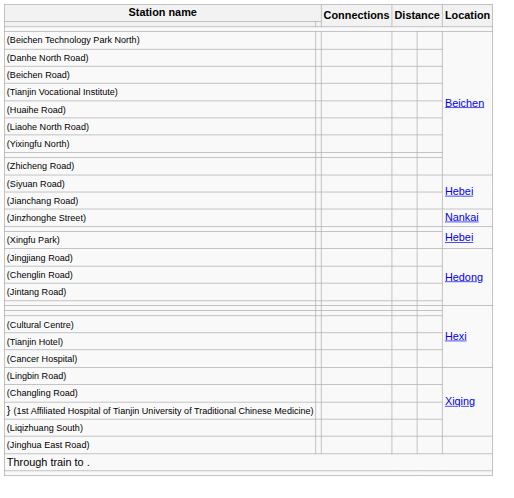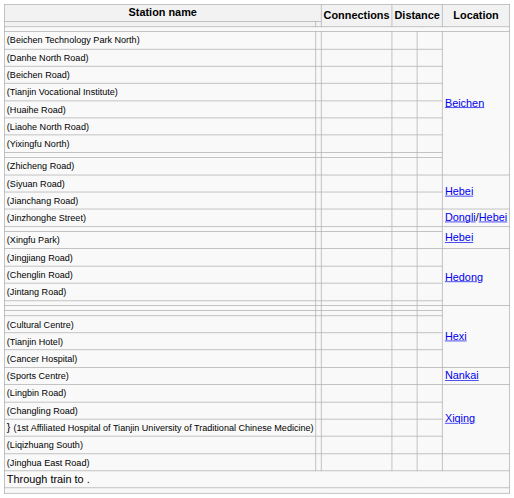 <table class="wikitable">
 <tr>
 <th colspan="2">Station name</th>
 <th rowspan="2">Connections</th>
 <th colspan="2" rowspan="2">Distance<br></th>
 <th rowspan="2">Location</th>
 </tr>
 <tr>
 <th></th>
 <th></th>
 </tr>
 <tr style="background:#">
 <td colspan = "6"></td>
 </tr>
 <tr>
 <td> <small>(Beichen Technology Park North)</small></td>
 <td></td>
 <td></td>
 <td></td>
 <td></td>
 <td rowspan="9"><a href='#'>Beichen</a></td>
 </tr>
 <tr>
 <td> <small>(Danhe North Road)</small></td>
 <td></td>
 <td></td>
 <td></td>
 <td></td>
 </tr>
 <tr>
 <td> <small>(Beichen Road)</small></td>
 <td></td>
 <td></td>
 <td></td>
 <td></td>
 </tr>
 <tr>
 <td> <small>(Tianjin Vocational Institute)</small></td>
 <td></td>
 <td></td>
 <td></td>
 <td></td>
 </tr>
 <tr>
 <td> <small>(Huaihe Road)</small></td>
 <td></td>
 <td></td>
 <td></td>
 <td></td>
 </tr>
 <tr>
 <td> <small>(Liaohe North Road)</small></td>
 <td></td>
 <td></td>
 <td></td>
 <td></td>
 </tr>
 <tr>
 <td> <small>(Yixingfu North)</small></td>
 <td></td>
 <td></td>
 <td></td>
 <td></td>
 </tr>
 <tr>
 <td></td>
 <td></td>
 <td></td>
 <td></td>
 <td></td>
 </tr>
 <tr>
 <td> <small>(Zhicheng Road)</small></td>
 <td></td>
 <td></td>
 <td></td>
 <td></td>
 </tr>
 <tr>
 <td> <small>(Siyuan Road)</small></td>
 <td></td>
 <td></td>
 <td></td>
 <td></td>
 <td rowspan="2"><a href='#'>Hebei</a></td>
 </tr>
 <tr>
 <td> <small>(Jianchang Road)</small></td>
 <td></td>
 <td></td>
 <td></td>
 <td></td>
 </tr>
 <tr>
 <td> <small>(Jinzhonghe Street)</small></td>
 <td></td>
 <td></td>
 <td></td>
 <td></td>
-<td><a href='#'>Nankai</a></td>
+<td><a href='#'>Dongli</a>/<a href='#'>Hebei</a></td>
 </tr>
 <tr>
 <td></td>
 <td></td>
 <td></td>
 <td></td>
 <td></td>
 <td rowspan="2"><a href='#'>Hebei</a></td>
 </tr>
 <tr>
 <td> <small>(Xingfu Park)</small></td>
 <td></td>
 <td></td>
 <td></td>
 <td></td>
 </tr>
 <tr>
 <td> <small>(Jingjiang Road)</small></td>
 <td></td>
 <td></td>
 <td></td>
 <td></td>
 <td rowspan="4"><a href='#'>Hedong</a></td>
 </tr>
 <tr>
 <td> <small>(Chenglin Road)</small></td>
 <td></td>
 <td></td>
 <td></td>
 <td></td>
 </tr>
 <tr>
 <td> <small>(Jintang Road)</small></td>
 <td></td>
 <td></td>
 <td></td>
 <td></td>
 </tr>
 <tr>
 <td></td>
 <td></td>
 <td></td>
 <td></td>
 <td></td>
 </tr>
 <tr>
 <td></td>
 <td></td>
 <td></td>
 <td></td>
 <td></td>
 <td rowspan="5"><a href='#'>Hexi</a></td>
 </tr>
 <tr>
 <td></td>
 <td></td>
 <td></td>
 <td></td>
 <td></td>
 </tr>
 <tr>
 <td> <small>(Cultural Centre)</small></td>
 <td></td>
 <td></td>
 <td></td>
 <td></td>
 </tr>
 <tr>
 <td> <small>(Tianjin Hotel)</small></td>
 <td></td>
 <td></td>
 <td></td>
 <td></td>
 </tr>
 <tr>
 <td> <small>(Cancer Hospital)</small></td>
 <td></td>
 <td></td>
 <td></td>
 <td></td>
 </tr>
 <tr>
+<td> <small>(Sports Centre)</small></td>
+<td></td>
+<td></td>
+<td></td>
+<td></td>
+<td><a href='#'>Nankai</a></td>
+</tr>
+<tr>
 <td> <small>(Lingbin Road)</small></td>
 <td></td>
 <td></td>
 <td></td>
 <td></td>
 <td rowspan="4"><a href='#'>Xiqing</a></td>
 </tr>
 <tr>
 <td> <small>(Changling Road)</small></td>
 <td></td>
 <td></td>
 <td></td>
 <td></td>
 </tr>
 <tr>
 <td>} <small>(1st Affiliated Hospital of Tianjin University of Traditional Chinese Medicine)</small></td>
 <td></td>
 <td></td>
 <td></td>
 <td></td>
 </tr>
 <tr>
 <td> <small>(Liqizhuang South)</small></td>
 <td></td>
 <td></td>
 <td></td>
 <td></td>
 </tr>
 <tr>
 <td> <small>(Jinghua East Road)</small></td>
 <td></td>
 <td></td>
 <td></td>
 <td></td>
 </tr>
 <tr>
 <td colspan="6">Through train to .</td>
 </tr>
 <tr style="background:#">
 <td colspan = "6"></td>
 </tr>
 </table>
